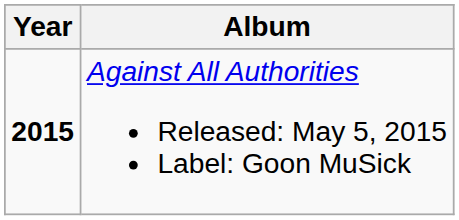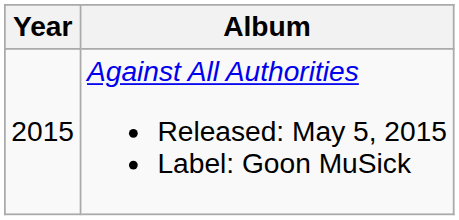 <table class="wikitable" style="text-align:center;">
 <tr>
 <th>Year</th>
 <th>Album</th>
 </tr>
 <tr>
-<td><strong>2015</strong></td>
+<td>2015</td>
 <td style="text-align:left;"><em><a href='#'>Against All Authorities</a></em><br><ul><li>Released: May 5, 2015</li><li>Label: Goon MuSick</li></ul></td>
 </tr>
 </table>
